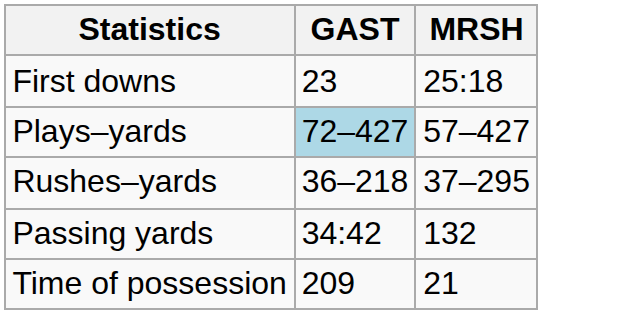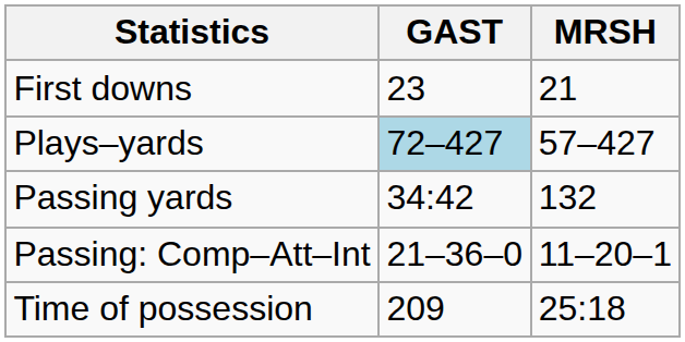 <table class="wikitable" style="float: left;">
 <tr>
 <th>Statistics</th>
 <th>GAST</th>
 <th>MRSH</th>
 </tr>
 <tr>
 <td>First downs</td>
 <td>23</td>
-<td>25:18</td>
+<td>21</td>
 </tr>
 <tr>
 <td>Plays–yards</td>
 <td style="background: lightblue;">72–427</td>
 <td>57–427</td>
 </tr>
 <tr>
-<td>Rushes–yards</td>
-<td>36–218</td>
-<td>37–295</td>
-</tr>
-<tr>
 <td>Passing yards</td>
 <td>34:42</td>
 <td>132</td>
 </tr>
 <tr>
+<td>Passing: Comp–Att–Int</td>
+<td>21–36–0</td>
+<td>11–20–1</td>
+</tr>
+<tr>
 <td>Time of possession</td>
 <td>209</td>
-<td>21</td>
+<td>25:18</td>
 </tr>
 <tr>
 </tr>
 </table>
